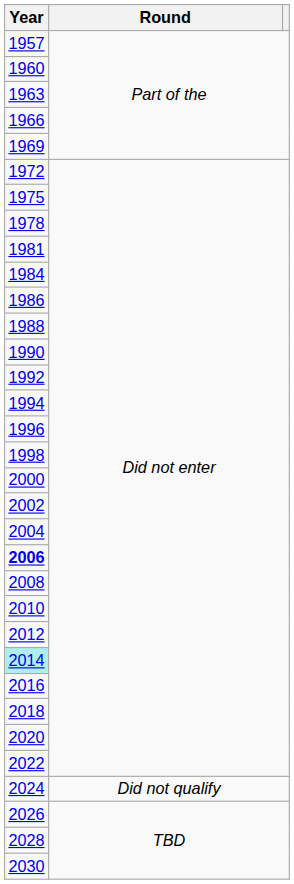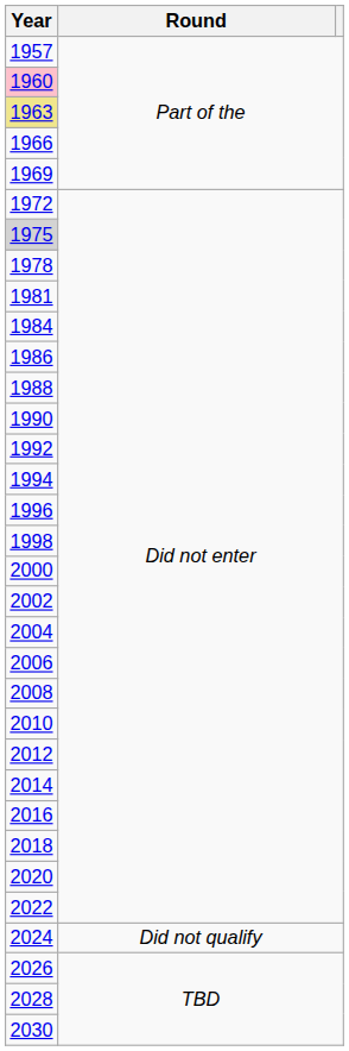 <table class="wikitable" style="text-align: center; font-size:90%">
 <tr>
 <th>Year</th>
 <th style="width:200px">Round</th>
 <th></th>
 </tr>
 <tr>
 <td><a href='#'>1957</a></td>
 <td colspan="2" rowspan="5"><em>Part of the </em></td>
 </tr>
 <tr>
-<td><a href='#'>1960</a></td>
+<td style="background: pink;"><a href='#'>1960</a></td>
 </tr>
 <tr>
-<td><a href='#'>1963</a></td>
+<td style="background: khaki;"><a href='#'>1963</a></td>
 </tr>
 <tr>
 <td><a href='#'>1966</a></td>
 </tr>
 <tr>
 <td><a href='#'>1969</a></td>
 </tr>
 <tr>
 <td><a href='#'>1972</a></td>
 <td colspan="2" rowspan="24"><em>Did not enter</em></td>
 </tr>
 <tr>
-<td><a href='#'>1975</a></td>
+<td style="background: lightgrey;"><a href='#'>1975</a></td>
 </tr>
 <tr>
 <td><a href='#'>1978</a></td>
 </tr>
 <tr>
 <td><a href='#'>1981</a></td>
 </tr>
 <tr>
 <td><a href='#'>1984</a></td>
 </tr>
 <tr>
 <td><a href='#'>1986</a></td>
 </tr>
 <tr>
 <td><a href='#'>1988</a></td>
 </tr>
 <tr>
 <td><a href='#'>1990</a></td>
 </tr>
 <tr>
 <td><a href='#'>1992</a></td>
 </tr>
 <tr>
 <td><a href='#'>1994</a></td>
 </tr>
 <tr>
 <td><a href='#'>1996</a></td>
 </tr>
 <tr>
 <td><a href='#'>1998</a></td>
 </tr>
 <tr>
 <td><a href='#'>2000</a></td>
 </tr>
 <tr>
 <td><a href='#'>2002</a></td>
 </tr>
 <tr>
 <td><a href='#'>2004</a></td>
 </tr>
 <tr>
-<td><strong><a href='#'>2006</a></strong></td>
+<td><a href='#'>2006</a></td>
 </tr>
 <tr>
 <td><a href='#'>2008</a></td>
 </tr>
 <tr>
 <td><a href='#'>2010</a></td>
 </tr>
 <tr>
 <td><a href='#'>2012</a></td>
 </tr>
 <tr>
-<td style="background: paleturquoise;"><a href='#'>2014</a></td>
+<td><a href='#'>2014</a></td>
 </tr>
 <tr>
 <td><a href='#'>2016</a></td>
 </tr>
 <tr>
 <td><a href='#'>2018</a></td>
 </tr>
 <tr>
 <td><a href='#'>2020</a></td>
 </tr>
 <tr>
 <td><a href='#'>2022</a></td>
 </tr>
 <tr>
 <td><a href='#'>2024</a></td>
 <td colspan="2" rowspan="1"><em>Did not qualify</em></td>
 </tr>
 <tr>
 <td><a href='#'>2026</a></td>
 <td colspan="2" rowspan="3"><em>TBD</em></td>
 </tr>
 <tr>
 <td><a href='#'>2028</a></td>
 </tr>
 <tr>
 <td><a href='#'>2030</a></td>
 </tr>
 </table>
